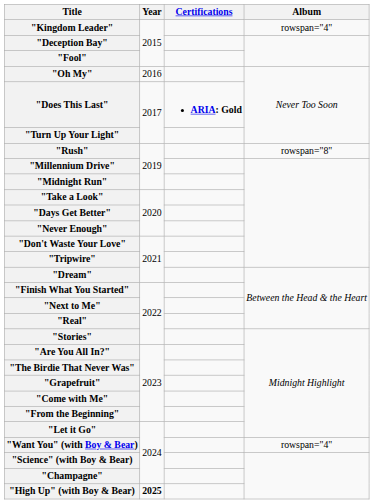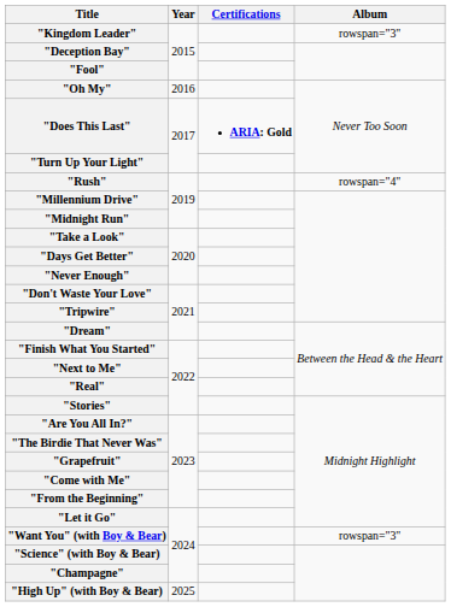 <table class="wikitable plainrowheaders" style=text-align:center;>
 <tr>
 <th>Title</th>
 <th>Year</th>
 <th><a href='#'>Certifications</a></th>
 <th>Album</th>
 </tr>
 <tr>
 <th scope="row">"Kingdom Leader"</th>
 <td rowspan="3">2015</td>
 <td></td>
-<td>rowspan="4" </td>
+<td>rowspan="3" </td>
 </tr>
 <tr>
 <th scope="row">"Deception Bay"</th>
 <td></td>
 </tr>
 <tr>
 <th scope="row">"Fool"</th>
 <td></td>
 </tr>
 <tr>
 <th scope="row">"Oh My"</th>
 <td>2016</td>
 <td></td>
 <td rowspan="3"><em>Never Too Soon</em></td>
 </tr>
 <tr>
 <th scope="row">"Does This Last"</th>
 <td rowspan="2">2017</td>
 <td><strong><br><ul><li><a href='#'>ARIA</a>: Gold</li></ul></strong></td>
 </tr>
 <tr>
 <th scope="row">"Turn Up Your Light"</th>
 <td></td>
 </tr>
 <tr>
 <th scope="row">"Rush"</th>
 <td rowspan="3">2019</td>
 <td></td>
-<td>rowspan="8" </td>
+<td>rowspan="4" </td>
 </tr>
 <tr>
 <th scope="row">"Millennium Drive"</th>
 <td></td>
 </tr>
 <tr>
 <th scope="row">"Midnight Run"</th>
 <td></td>
 </tr>
 <tr>
 <th scope="row">"Take a Look"</th>
 <td rowspan="3">2020</td>
 <td></td>
 </tr>
 <tr>
 <th scope="row">"Days Get Better"</th>
 <td></td>
 </tr>
 <tr>
 <th scope="row">"Never Enough"</th>
 <td></td>
 </tr>
 <tr>
 <th scope="row">"Don't Waste Your Love"<br></th>
 <td rowspan="3">2021</td>
 <td></td>
 </tr>
 <tr>
 <th scope="row">"Tripwire"</th>
 <td></td>
 </tr>
 <tr>
 <th scope="row">"Dream"</th>
 <td></td>
 <td rowspan="4"><em>Between the Head & the Heart</em></td>
 </tr>
 <tr>
 <th scope="row">"Finish What You Started"</th>
 <td rowspan="4">2022</td>
 <td></td>
 </tr>
 <tr>
 <th scope="row">"Next to Me"</th>
 <td></td>
 </tr>
 <tr>
 <th scope="row">"Real"</th>
 <td></td>
 </tr>
 <tr>
 <th scope="row">"Stories"</th>
 <td></td>
 <td rowspan="7"><em>Midnight Highlight</em></td>
 </tr>
 <tr>
 <th scope="row">"Are You All In?"</th>
 <td rowspan="5">2023</td>
 <td></td>
 </tr>
 <tr>
 <th scope="row">"The Birdie That Never Was"</th>
 <td></td>
 </tr>
 <tr>
 <th scope="row">"Grapefruit"</th>
 <td></td>
 </tr>
 <tr>
 <th scope="row">"Come with Me"</th>
 <td></td>
 </tr>
 <tr>
 <th scope="row">"From the Beginning"</th>
 <td></td>
 </tr>
 <tr>
 <th scope="row">"Let it Go"</th>
 <td rowspan="4">2024</td>
 <td></td>
 </tr>
 <tr>
 <th scope="row">"Want You" (with <a href='#'>Boy & Bear</a>)</th>
 <td></td>
-<td>rowspan="4" </td>
+<td>rowspan="3" </td>
 </tr>
 <tr>
 <th scope="row">"Science" (with Boy & Bear)</th>
 <td></td>
 </tr>
 <tr>
 <th scope="row">"Champagne"</th>
 <td></td>
 </tr>
 <tr>
 <th scope="row">"High Up" (with Boy & Bear)</th>
-<td><strong>2025</strong></td>
+<td>2025</td>
 <td></td>
 </tr>
 </table>
